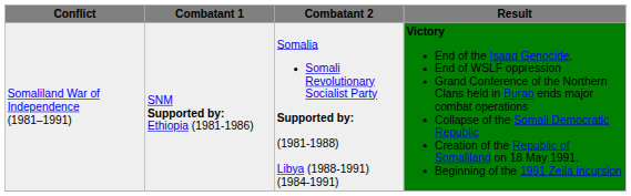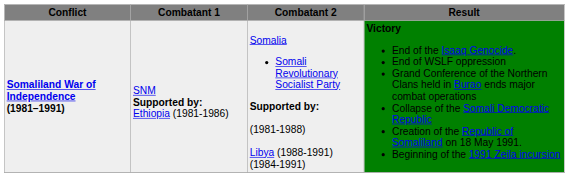 <table class="wikitable">
 <tr>
 <th style="background:grey" width="190"><span>Conflict</span></th>
 <th style="background:grey" width="175"><span>Combatant 1</span></th>
 <th style="background:grey" width="175"><span>Combatant 2</span></th>
 <th style="background:grey" width="305"><span>Result</span></th>
 </tr>
 <tr>
-<td style="background:#efefef"><a href='#'>Somaliland War of Independence</a><br>(1981–1991)</td>
+<td style="background:#efefef"><strong><a href='#'>Somaliland War of Independence</a><br>(1981–1991)</strong></td>
 <td style="background:#efefef"><br> <a href='#'>SNM</a><br><strong>Supported by:</strong><br> <a href='#'>Ethiopia</a> (1981-1986)</td>
 <td style="background:#efefef"><br> <a href='#'>Somalia</a><ul><li> <a href='#'>Somali Revolutionary Socialist Party</a><br></li></ul><strong>Supported by:</strong><br><br> (1981-1988)<br><br> <a href='#'>Libya</a> (1988-1991)<br> (1984-1991)</td>
 <td style="background:Green"><strong>Victory</strong><br><ul><li>End of the <a href='#'>Isaaq Genocide</a>.</li><li>End of WSLF oppression</li><li>Grand Conference of the Northern Clans held in <a href='#'>Burao</a> ends major combat operations</li><li>Collapse of the <a href='#'>Somali Democratic Republic</a></li><li>Creation of the <a href='#'>Republic of Somaliland</a> on 18 May 1991.</li><li>Beginning of the <a href='#'>1991 Zeila incursion</a></li></ul></td>
 </tr>
 <tr>
 </tr>
 </table>
